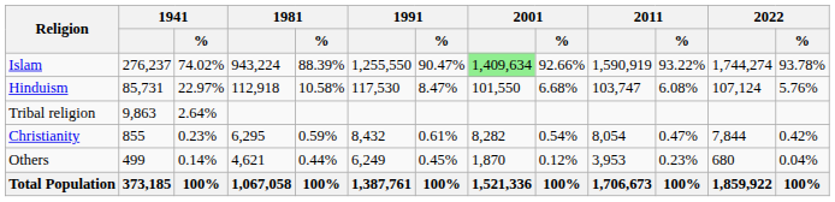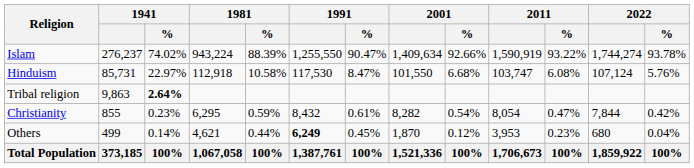 <table class="wikitable sortable">
 <tr>
 <th rowspan="2">Religion</th>
 <th colspan="2">1941</th>
 <th colspan="2">1981</th>
 <th colspan="2">1991</th>
 <th colspan="2">2001</th>
 <th colspan="2">2011</th>
 <th colspan="2">2022</th>
 </tr>
 <tr>
 <th></th>
 <th>%</th>
 <th></th>
 <th>%</th>
 <th></th>
 <th>%</th>
 <th></th>
 <th>%</th>
 <th></th>
 <th>%</th>
 <th></th>
 <th>%</th>
 </tr>
 <tr>
 <td><a href='#'>Islam</a> </td>
 <td>276,237</td>
 <td>74.02%</td>
 <td>943,224</td>
 <td>88.39%</td>
 <td>1,255,550</td>
 <td>90.47%</td>
-<td style="background: lightgreen;">1,409,634</td>
+<td>1,409,634</td>
 <td>92.66%</td>
 <td>1,590,919</td>
 <td>93.22%</td>
 <td>1,744,274</td>
 <td>93.78%</td>
 </tr>
 <tr>
 <td><a href='#'>Hinduism</a> </td>
 <td>85,731</td>
 <td>22.97%</td>
 <td>112,918</td>
 <td>10.58%</td>
 <td>117,530</td>
 <td>8.47%</td>
 <td>101,550</td>
 <td>6.68%</td>
 <td>103,747</td>
 <td>6.08%</td>
 <td>107,124</td>
 <td>5.76%</td>
 </tr>
 <tr>
 <td>Tribal religion</td>
 <td>9,863</td>
-<td>2.64%</td>
+<td><strong>2.64%</strong></td>
 <td></td>
 <td></td>
 <td></td>
 <td></td>
 <td></td>
 <td></td>
 <td></td>
 <td></td>
 <td></td>
 <td></td>
 </tr>
 <tr>
 <td><a href='#'>Christianity</a> </td>
 <td>855</td>
 <td>0.23%</td>
 <td>6,295</td>
 <td>0.59%</td>
 <td>8,432</td>
 <td>0.61%</td>
 <td>8,282</td>
 <td>0.54%</td>
 <td>8,054</td>
 <td>0.47%</td>
 <td>7,844</td>
 <td>0.42%</td>
 </tr>
 <tr>
 <td>Others</td>
 <td>499</td>
 <td>0.14%</td>
 <td>4,621</td>
 <td>0.44%</td>
-<td>6,249</td>
+<td><strong>6,249</strong></td>
 <td>0.45%</td>
 <td>1,870</td>
 <td>0.12%</td>
 <td>3,953</td>
 <td>0.23%</td>
 <td>680</td>
 <td>0.04%</td>
 </tr>
 <tr>
 <th>Total Population</th>
 <th>373,185</th>
 <th>100%</th>
 <th>1,067,058</th>
 <th>100%</th>
 <th>1,387,761</th>
 <th>100%</th>
 <th>1,521,336</th>
 <th>100%</th>
 <th>1,706,673</th>
 <th>100%</th>
 <th>1,859,922</th>
 <th>100%</th>
 </tr>
 </table>
